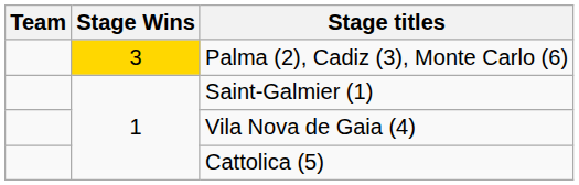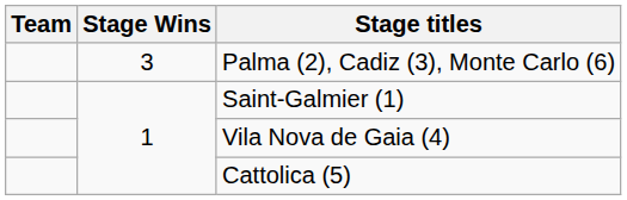 <table class="wikitable">
 <tr>
 <th>Team</th>
 <th>Stage Wins</th>
 <th>Stage titles</th>
 </tr>
 <tr>
 <td></td>
-<td align=center style="background: gold;">3</td>
+<td align=center>3</td>
 <td>Palma (2), Cadiz (3), Monte Carlo (6)</td>
 </tr>
 <tr>
 <td></td>
 <td align=center rowspan="3">1</td>
 <td>Saint-Galmier (1)</td>
 </tr>
 <tr>
 <td></td>
 <td>Vila Nova de Gaia (4)</td>
 </tr>
 <tr>
 <td></td>
 <td>Cattolica (5)</td>
 </tr>
 </table>
